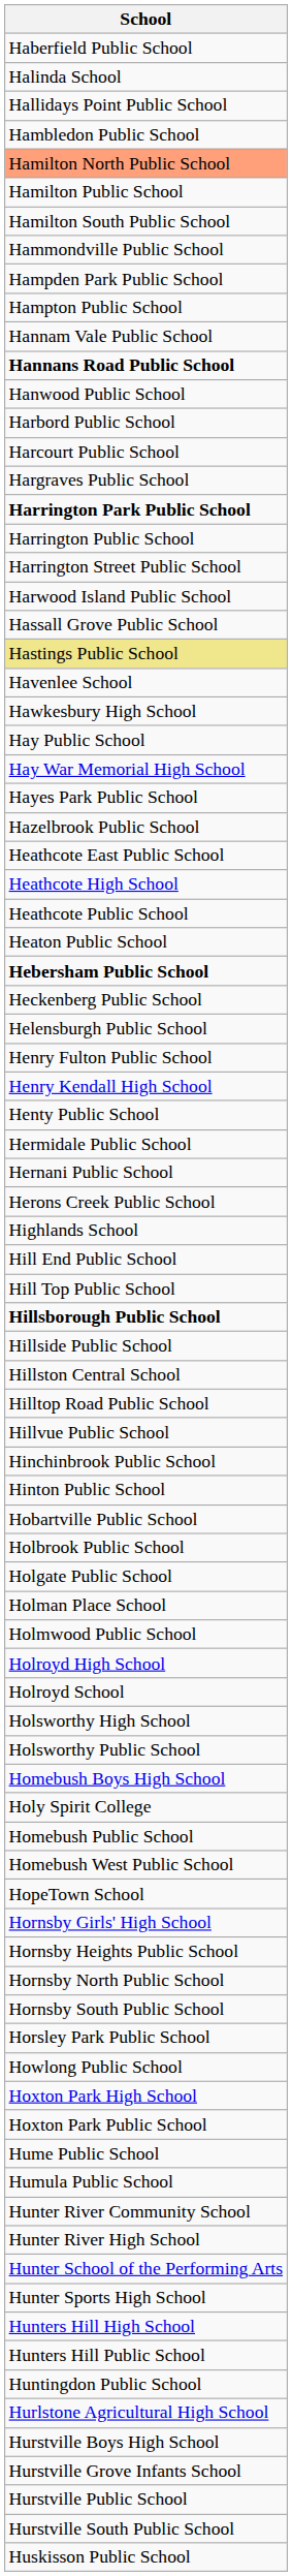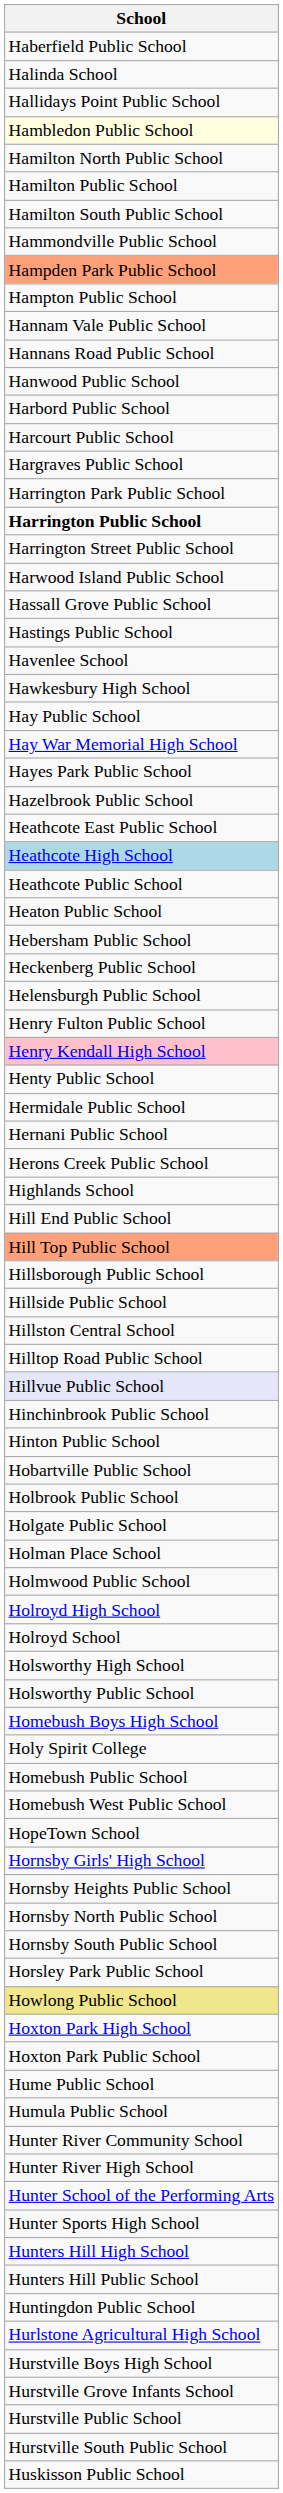 <table class="wikitable">
 <tr>
 <th>School</th>
 </tr>
 <tr>
 <td>Haberfield Public School</td>
 </tr>
 <tr>
 <td>Halinda School</td>
 </tr>
 <tr>
 <td>Hallidays Point Public School</td>
 </tr>
 <tr>
-<td>Hambledon Public School</td>
+<td style="background: lightyellow;">Hambledon Public School</td>
 </tr>
 <tr>
-<td style="background: lightsalmon;">Hamilton North Public School</td>
+<td>Hamilton North Public School</td>
 </tr>
 <tr>
 <td>Hamilton Public School</td>
 </tr>
 <tr>
 <td>Hamilton South Public School</td>
 </tr>
 <tr>
 <td>Hammondville Public School</td>
 </tr>
 <tr>
-<td>Hampden Park Public School</td>
+<td style="background: lightsalmon;">Hampden Park Public School</td>
 </tr>
 <tr>
 <td>Hampton Public School</td>
 </tr>
 <tr>
 <td>Hannam Vale Public School</td>
 </tr>
 <tr>
-<td><strong>Hannans Road Public School</strong></td>
+<td>Hannans Road Public School</td>
 </tr>
 <tr>
 <td>Hanwood Public School</td>
 </tr>
 <tr>
 <td>Harbord Public School</td>
 </tr>
 <tr>
 <td>Harcourt Public School</td>
 </tr>
 <tr>
 <td>Hargraves Public School</td>
 </tr>
 <tr>
-<td><strong>Harrington Park Public School</strong></td>
+<td>Harrington Park Public School</td>
 </tr>
 <tr>
-<td>Harrington Public School</td>
+<td><strong>Harrington Public School</strong></td>
 </tr>
 <tr>
 <td>Harrington Street Public School</td>
 </tr>
 <tr>
 <td>Harwood Island Public School</td>
 </tr>
 <tr>
 <td>Hassall Grove Public School</td>
 </tr>
 <tr>
-<td style="background: khaki;">Hastings Public School</td>
+<td>Hastings Public School</td>
 </tr>
 <tr>
 <td>Havenlee School</td>
 </tr>
 <tr>
 <td>Hawkesbury High School</td>
 </tr>
 <tr>
 <td>Hay Public School</td>
 </tr>
 <tr>
 <td><a href='#'>Hay War Memorial High School</a></td>
 </tr>
 <tr>
 <td>Hayes Park Public School</td>
 </tr>
 <tr>
 <td>Hazelbrook Public School</td>
 </tr>
 <tr>
 <td>Heathcote East Public School</td>
 </tr>
 <tr>
-<td><a href='#'>Heathcote High School</a></td>
+<td style="background: lightblue;"><a href='#'>Heathcote High School</a></td>
 </tr>
 <tr>
 <td>Heathcote Public School</td>
 </tr>
 <tr>
 <td>Heaton Public School</td>
 </tr>
 <tr>
-<td><strong>Hebersham Public School</strong></td>
+<td>Hebersham Public School</td>
 </tr>
 <tr>
 <td>Heckenberg Public School</td>
 </tr>
 <tr>
 <td>Helensburgh Public School</td>
 </tr>
 <tr>
 <td>Henry Fulton Public School</td>
 </tr>
 <tr>
-<td><a href='#'>Henry Kendall High School</a></td>
+<td style="background: pink;"><a href='#'>Henry Kendall High School</a></td>
 </tr>
 <tr>
 <td>Henty Public School</td>
 </tr>
 <tr>
 <td>Hermidale Public School</td>
 </tr>
 <tr>
 <td>Hernani Public School</td>
 </tr>
 <tr>
 <td>Herons Creek Public School</td>
 </tr>
 <tr>
 <td>Highlands School</td>
 </tr>
 <tr>
 <td>Hill End Public School</td>
 </tr>
 <tr>
-<td>Hill Top Public School</td>
+<td style="background: lightsalmon;">Hill Top Public School</td>
 </tr>
 <tr>
-<td><strong>Hillsborough Public School</strong></td>
+<td>Hillsborough Public School</td>
 </tr>
 <tr>
 <td>Hillside Public School</td>
 </tr>
 <tr>
 <td>Hillston Central School</td>
 </tr>
 <tr>
 <td>Hilltop Road Public School</td>
 </tr>
 <tr>
-<td>Hillvue Public School</td>
+<td style="background: lavender;">Hillvue Public School</td>
 </tr>
 <tr>
 <td>Hinchinbrook Public School</td>
 </tr>
 <tr>
 <td>Hinton Public School</td>
 </tr>
 <tr>
 <td>Hobartville Public School</td>
 </tr>
 <tr>
 <td>Holbrook Public School</td>
 </tr>
 <tr>
 <td>Holgate Public School</td>
 </tr>
 <tr>
 <td>Holman Place School</td>
 </tr>
 <tr>
 <td>Holmwood Public School</td>
 </tr>
 <tr>
 <td><a href='#'>Holroyd High School</a></td>
 </tr>
 <tr>
 <td>Holroyd School</td>
 </tr>
 <tr>
 <td>Holsworthy High School</td>
 </tr>
 <tr>
 <td>Holsworthy Public School</td>
 </tr>
 <tr>
 <td><a href='#'>Homebush Boys High School</a></td>
 </tr>
 <tr>
 <td>Holy Spirit College</td>
 </tr>
 <tr>
 <td>Homebush Public School</td>
 </tr>
 <tr>
 <td>Homebush West Public School</td>
 </tr>
 <tr>
 <td>HopeTown School</td>
 </tr>
 <tr>
 <td><a href='#'>Hornsby Girls' High School</a></td>
 </tr>
 <tr>
 <td>Hornsby Heights Public School</td>
 </tr>
 <tr>
 <td>Hornsby North Public School</td>
 </tr>
 <tr>
 <td>Hornsby South Public School</td>
 </tr>
 <tr>
 <td>Horsley Park Public School</td>
 </tr>
 <tr>
-<td>Howlong Public School</td>
+<td style="background: khaki;">Howlong Public School</td>
 </tr>
 <tr>
 <td><a href='#'>Hoxton Park High School</a></td>
 </tr>
 <tr>
 <td>Hoxton Park Public School</td>
 </tr>
 <tr>
 <td>Hume Public School</td>
 </tr>
 <tr>
 <td>Humula Public School</td>
 </tr>
 <tr>
 <td>Hunter River Community School</td>
 </tr>
 <tr>
 <td>Hunter River High School</td>
 </tr>
 <tr>
 <td><a href='#'>Hunter School of the Performing Arts</a></td>
 </tr>
 <tr>
 <td>Hunter Sports High School</td>
 </tr>
 <tr>
 <td><a href='#'>Hunters Hill High School</a></td>
 </tr>
 <tr>
 <td>Hunters Hill Public School</td>
 </tr>
 <tr>
 <td>Huntingdon Public School</td>
 </tr>
 <tr>
 <td><a href='#'>Hurlstone Agricultural High School</a></td>
 </tr>
 <tr>
 <td>Hurstville Boys High School</td>
 </tr>
 <tr>
 <td>Hurstville Grove Infants School</td>
 </tr>
 <tr>
 <td>Hurstville Public School</td>
 </tr>
 <tr>
 <td>Hurstville South Public School</td>
 </tr>
 <tr>
 <td>Huskisson Public School</td>
 </tr>
 </table>
